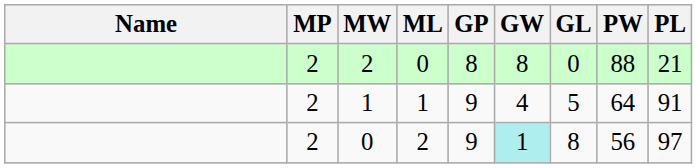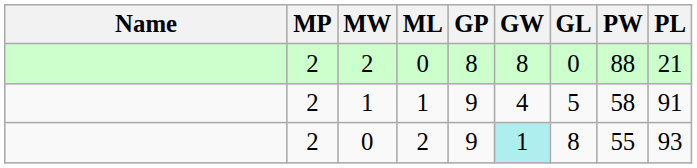 <table class=wikitable style="text-align:center">
 <tr>
 <th width=175>Name</th>
 <th width=20>MP</th>
 <th width=20>MW</th>
 <th width=20>ML</th>
 <th width=20>GP</th>
 <th width=20>GW</th>
 <th width=20>GL</th>
 <th width=20>PW</th>
 <th width=20>PL</th>
 </tr>
 <tr style="background-color:#ccffcc;">
 <td style="text-align:left;"><strong></strong></td>
 <td>2</td>
 <td>2</td>
 <td>0</td>
 <td>8</td>
 <td>8</td>
 <td>0</td>
 <td>88</td>
 <td>21</td>
 </tr>
 <tr>
 <td style="text-align:left;"></td>
 <td>2</td>
 <td>1</td>
 <td>1</td>
 <td>9</td>
 <td>4</td>
 <td>5</td>
-<td>64</td>
+<td>58</td>
 <td>91</td>
 </tr>
 <tr>
 <td style="text-align:left;"></td>
 <td>2</td>
 <td>0</td>
 <td>2</td>
 <td>9</td>
 <td style="background: paleturquoise;">1</td>
 <td>8</td>
-<td>56</td>
-<td>97</td>
+<td>55</td>
+<td>93</td>
 </tr>
 </table>
